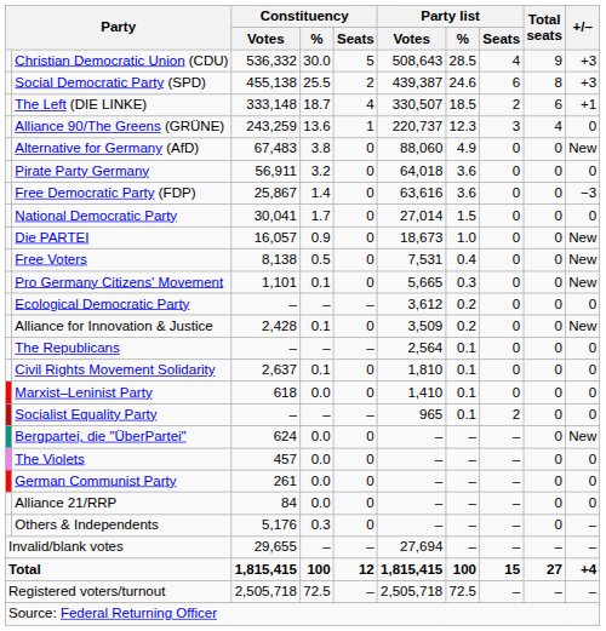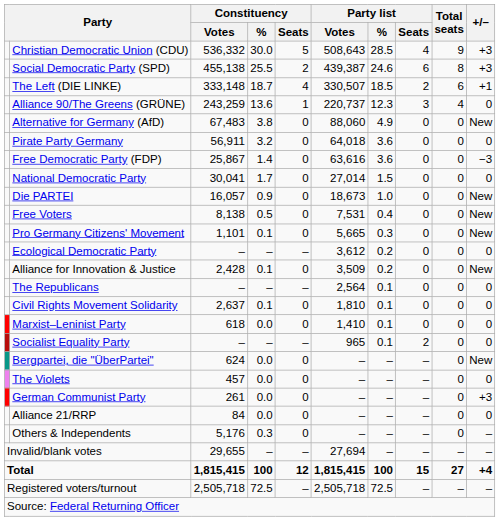 <table class="wikitable" style="text-align:right">
 <tr>
 <th colspan="2" rowspan="2">Party</th>
 <th colspan="3">Constituency</th>
 <th colspan="3">Party list</th>
 <th rowspan="2">Total<br>seats</th>
 <th rowspan="2">+/–</th>
 </tr>
 <tr>
 <th>Votes</th>
 <th>%</th>
 <th>Seats</th>
 <th>Votes</th>
 <th>%</th>
 <th>Seats</th>
 </tr>
 <tr>
 <td></td>
 <td align="left"><a href='#'>Christian Democratic Union</a> (CDU)</td>
 <td>536,332</td>
 <td>30.0</td>
 <td>5</td>
 <td>508,643</td>
 <td>28.5</td>
 <td>4</td>
 <td>9</td>
 <td>+3</td>
 </tr>
 <tr>
 <td></td>
 <td align="left"><a href='#'>Social Democratic Party</a> (SPD)</td>
 <td>455,138</td>
 <td>25.5</td>
 <td>2</td>
 <td>439,387</td>
 <td>24.6</td>
 <td>6</td>
 <td>8</td>
 <td>+3</td>
 </tr>
 <tr>
 <td></td>
 <td align="left"><a href='#'>The Left</a> (DIE LINKE)</td>
 <td>333,148</td>
 <td>18.7</td>
 <td>4</td>
 <td>330,507</td>
 <td>18.5</td>
 <td>2</td>
 <td>6</td>
 <td>+1</td>
 </tr>
 <tr>
 <td></td>
 <td align="left"><a href='#'>Alliance 90/The Greens</a> (GRÜNE)</td>
 <td>243,259</td>
 <td>13.6</td>
 <td>1</td>
 <td>220,737</td>
 <td>12.3</td>
 <td>3</td>
 <td>4</td>
 <td>0</td>
 </tr>
 <tr>
 <td></td>
 <td align="left"><a href='#'>Alternative for Germany</a> (AfD)</td>
 <td>67,483</td>
 <td>3.8</td>
 <td>0</td>
 <td>88,060</td>
 <td>4.9</td>
 <td>0</td>
 <td>0</td>
 <td>New</td>
 </tr>
 <tr>
 <td style="background-color:"></td>
 <td align="left"><a href='#'>Pirate Party Germany</a></td>
 <td>56,911</td>
 <td>3.2</td>
 <td>0</td>
 <td>64,018</td>
 <td>3.6</td>
 <td>0</td>
 <td>0</td>
 <td>0</td>
 </tr>
 <tr>
 <td></td>
 <td align="left"><a href='#'>Free Democratic Party</a> (FDP)</td>
 <td>25,867</td>
 <td>1.4</td>
 <td>0</td>
 <td>63,616</td>
 <td>3.6</td>
 <td>0</td>
 <td>0</td>
 <td>−3</td>
 </tr>
 <tr>
 <td style="background-color:"></td>
 <td align="left"><a href='#'>National Democratic Party</a></td>
 <td>30,041</td>
 <td>1.7</td>
 <td>0</td>
 <td>27,014</td>
 <td>1.5</td>
 <td>0</td>
 <td>0</td>
 <td>0</td>
 </tr>
 <tr>
 <td style="background-color:"></td>
 <td align="left"><a href='#'>Die PARTEI</a></td>
 <td>16,057</td>
 <td>0.9</td>
 <td>0</td>
 <td>18,673</td>
 <td>1.0</td>
 <td>0</td>
 <td>0</td>
 <td>New</td>
 </tr>
 <tr>
 <td style="background-color:"></td>
 <td align="left"><a href='#'>Free Voters</a></td>
 <td>8,138</td>
 <td>0.5</td>
 <td>0</td>
 <td>7,531</td>
 <td>0.4</td>
 <td>0</td>
 <td>0</td>
 <td>New</td>
 </tr>
 <tr>
 <td></td>
 <td align="left"><a href='#'>Pro Germany Citizens' Movement</a></td>
 <td>1,101</td>
 <td>0.1</td>
 <td>0</td>
 <td>5,665</td>
 <td>0.3</td>
 <td>0</td>
 <td>0</td>
 <td>New</td>
 </tr>
 <tr>
 <td style="background-color:"></td>
 <td align="left"><a href='#'>Ecological Democratic Party</a></td>
 <td>–</td>
 <td>–</td>
 <td>–</td>
 <td>3,612</td>
 <td>0.2</td>
 <td>0</td>
 <td>0</td>
 <td>0</td>
 </tr>
 <tr>
 <td></td>
 <td align="left">Alliance for Innovation & Justice</td>
 <td>2,428</td>
 <td>0.1</td>
 <td>0</td>
 <td>3,509</td>
 <td>0.2</td>
 <td>0</td>
 <td>0</td>
 <td>New</td>
 </tr>
 <tr>
 <td style="background-color:"></td>
 <td align="left"><a href='#'>The Republicans</a></td>
 <td>–</td>
 <td>–</td>
 <td>–</td>
 <td>2,564</td>
 <td>0.1</td>
 <td>0</td>
 <td>0</td>
 <td>0</td>
 </tr>
 <tr>
 <td></td>
 <td align="left"><a href='#'>Civil Rights Movement Solidarity</a></td>
 <td>2,637</td>
 <td>0.1</td>
 <td>0</td>
 <td>1,810</td>
 <td>0.1</td>
 <td>0</td>
 <td>0</td>
 <td>0</td>
 </tr>
 <tr>
 <td style="background-color:red"></td>
 <td align="left"><a href='#'>Marxist–Leninist Party</a></td>
 <td>618</td>
 <td>0.0</td>
 <td>0</td>
 <td>1,410</td>
 <td>0.1</td>
 <td>0</td>
 <td>0</td>
 <td>0</td>
 </tr>
 <tr>
 <td style="background-color:#B80D0C"></td>
 <td align="left"><a href='#'>Socialist Equality Party</a></td>
 <td>–</td>
 <td>–</td>
 <td>–</td>
 <td>965</td>
 <td>0.1</td>
 <td>2</td>
 <td>0</td>
 <td>0</td>
 </tr>
 <tr>
 <td style="background-color:#079788"></td>
 <td align="left"><a href='#'>Bergpartei, die "ÜberPartei"</a></td>
 <td>624</td>
 <td>0.0</td>
 <td>0</td>
 <td>–</td>
 <td>–</td>
 <td>–</td>
 <td>0</td>
 <td>New</td>
 </tr>
 <tr>
 <td style="background-color:#EE82EE"></td>
 <td align="left"><a href='#'>The Violets</a></td>
 <td>457</td>
 <td>0.0</td>
 <td>0</td>
 <td>–</td>
 <td>–</td>
 <td>–</td>
 <td>0</td>
 <td>0</td>
 </tr>
 <tr>
 <td style="background-color:red"></td>
 <td align="left"><a href='#'>German Communist Party</a></td>
 <td>261</td>
 <td>0.0</td>
 <td>0</td>
 <td>–</td>
 <td>–</td>
 <td>–</td>
 <td>0</td>
-<td>0</td>
+<td>+3</td>
 </tr>
 <tr>
 <td></td>
 <td align="left">Alliance 21/RRP</td>
 <td>84</td>
 <td>0.0</td>
 <td>0</td>
 <td>–</td>
 <td>–</td>
 <td>–</td>
 <td>0</td>
 <td>0</td>
 </tr>
 <tr>
 <td></td>
 <td align="left">Others & Independents</td>
 <td>5,176</td>
 <td>0.3</td>
 <td>0</td>
 <td>–</td>
 <td>–</td>
 <td>–</td>
 <td>0</td>
 <td>–</td>
 </tr>
 <tr>
 <td colspan="2" align="left">Invalid/blank votes</td>
 <td>29,655</td>
 <td>–</td>
 <td>–</td>
 <td>27,694</td>
 <td>–</td>
 <td>–</td>
 <td>–</td>
 <td>–</td>
 </tr>
 <tr>
 <td colspan="2" align="left"><strong>Total</strong></td>
 <td><strong>1,815,415</strong></td>
 <td><strong>100</strong></td>
 <td><strong>12</strong></td>
 <td><strong>1,815,415</strong></td>
 <td><strong>100</strong></td>
 <td><strong>15</strong></td>
 <td><strong>27</strong></td>
 <td><strong>+4</strong></td>
 </tr>
 <tr>
 <td colspan="2" align="left">Registered voters/turnout</td>
 <td>2,505,718</td>
 <td>72.5</td>
 <td>–</td>
 <td>2,505,718</td>
 <td>72.5</td>
 <td>–</td>
 <td>–</td>
 <td>–</td>
 </tr>
 <tr>
 <td colspan="10" align="left">Source: <a href='#'>Federal Returning Officer</a></td>
 </tr>
 </table>
